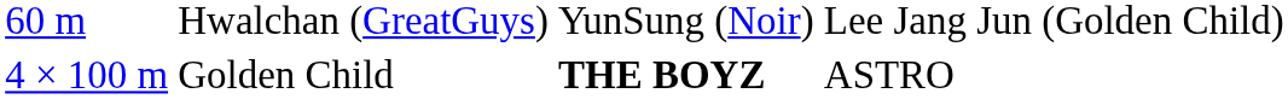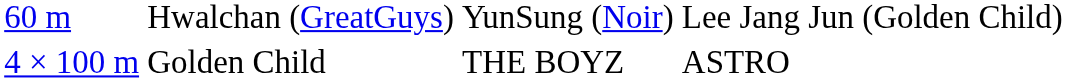 <table>
 <tr>
 <td><a href='#'>60 m</a></td>
 <td>Hwalchan (<a href='#'>GreatGuys</a>)</td>
 <td>YunSung (<a href='#'>Noir</a>)</td>
 <td>Lee Jang Jun (Golden Child)</td>
 </tr>
 <tr>
 <td><a href='#'>4 × 100 m</a></td>
 <td>Golden Child</td>
-<td><strong>THE BOYZ</strong></td>
+<td>THE BOYZ</td>
 <td>ASTRO</td>
 </tr>
 </table>
